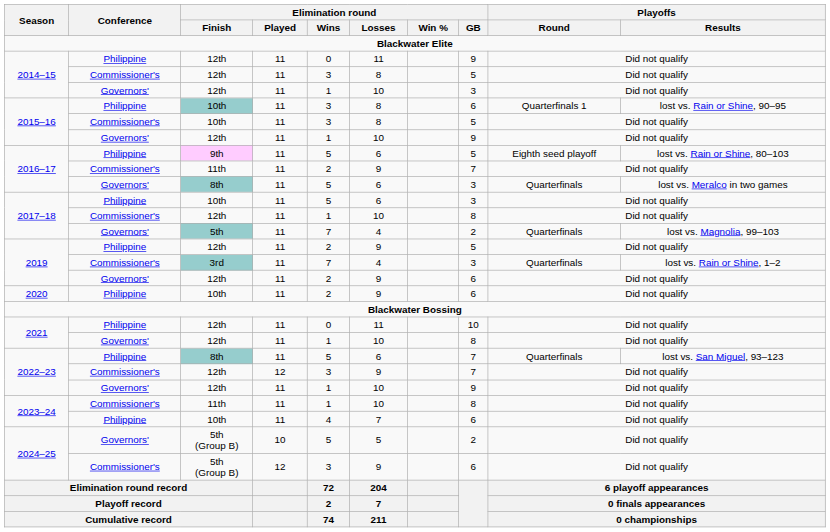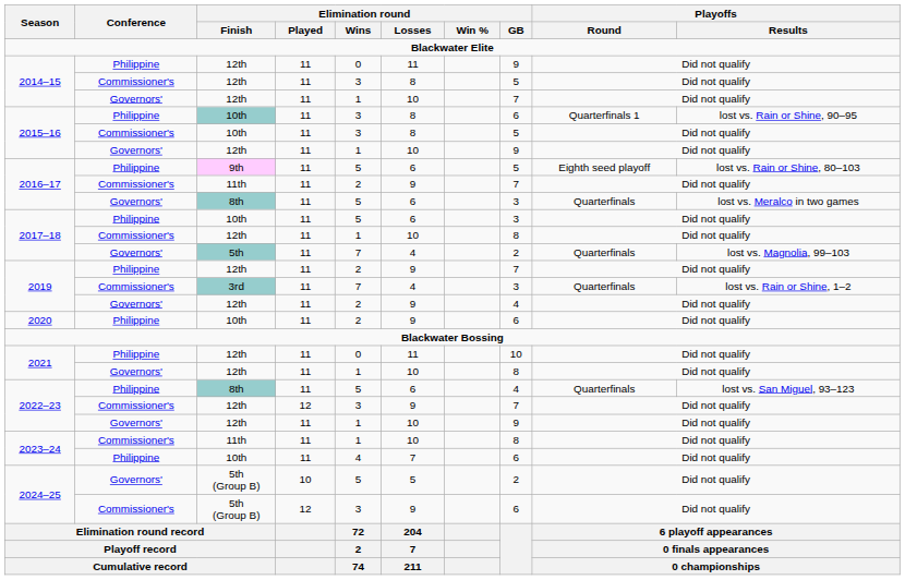 <table class="wikitable" style="width:100%; text-align:center; font-size:95%">
 <tr>
 <th rowspan=2>Season</th>
 <th rowspan=2>Conference</th>
 <th colspan=6>Elimination round</th>
 <th colspan=2>Playoffs</th>
 </tr>
 <tr>
 <th>Finish</th>
 <th>Played</th>
 <th>Wins</th>
 <th>Losses</th>
 <th>Win %</th>
 <th>GB</th>
 <th>Round</th>
 <th>Results</th>
 </tr>
 <tr>
 <td align="center" colspan="10"><strong>Blackwater Elite</strong></td>
 </tr>
 <tr>
 <td rowspan=3><a href='#'>2014–15</a> <br> </td>
 <td><a href='#'>Philippine</a></td>
 <td>12th</td>
 <td>11</td>
 <td>0</td>
 <td>11</td>
 <td></td>
 <td>9</td>
 <td colspan=2>Did not qualify</td>
 </tr>
 <tr>
 <td><a href='#'>Commissioner's</a></td>
 <td>12th</td>
 <td>11</td>
 <td>3</td>
 <td>8</td>
 <td></td>
 <td>5</td>
 <td colspan=2>Did not qualify</td>
 </tr>
 <tr>
 <td><a href='#'>Governors'</a></td>
 <td>12th</td>
 <td>11</td>
 <td>1</td>
 <td>10</td>
 <td></td>
-<td>3</td>
+<td>7</td>
 <td colspan=2>Did not qualify</td>
 </tr>
 <tr>
 <td rowspan=3><a href='#'>2015–16</a> <br> </td>
 <td><a href='#'>Philippine</a></td>
 <td bgcolor="#96CDCD">10th</td>
 <td>11</td>
 <td>3</td>
 <td>8</td>
 <td></td>
 <td>6</td>
 <td>Quarterfinals 1</td>
 <td>lost vs. <a href='#'>Rain or Shine</a>, 90–95</td>
 </tr>
 <tr>
 <td><a href='#'>Commissioner's</a></td>
 <td>10th</td>
 <td>11</td>
 <td>3</td>
 <td>8</td>
 <td></td>
 <td>5</td>
 <td colspan=2>Did not qualify</td>
 </tr>
 <tr>
 <td><a href='#'>Governors'</a></td>
 <td>12th</td>
 <td>11</td>
 <td>1</td>
 <td>10</td>
 <td></td>
 <td>9</td>
 <td colspan=2>Did not qualify</td>
 </tr>
 <tr>
 <td rowspan=3><a href='#'>2016–17</a> <br> </td>
 <td><a href='#'>Philippine</a></td>
 <td bgcolor="#FFCCFF">9th</td>
 <td>11</td>
 <td>5</td>
 <td>6</td>
 <td></td>
 <td>5</td>
 <td>Eighth seed playoff</td>
 <td>lost vs. <a href='#'>Rain or Shine</a>, 80–103</td>
 </tr>
 <tr>
 <td><a href='#'>Commissioner's</a></td>
 <td>11th</td>
 <td>11</td>
 <td>2</td>
 <td>9</td>
 <td></td>
 <td>7</td>
 <td colspan=2>Did not qualify</td>
 </tr>
 <tr>
 <td><a href='#'>Governors'</a></td>
 <td bgcolor="#96CDCD">8th</td>
 <td>11</td>
 <td>5</td>
 <td>6</td>
 <td></td>
 <td>3</td>
 <td>Quarterfinals</td>
 <td>lost vs. <a href='#'>Meralco</a> in two games</td>
 </tr>
 <tr>
 <td rowspan=3><a href='#'>2017–18</a> <br> </td>
 <td><a href='#'>Philippine</a></td>
 <td>10th</td>
 <td>11</td>
 <td>5</td>
 <td>6</td>
 <td></td>
 <td>3</td>
 <td colspan=2>Did not qualify</td>
 </tr>
 <tr>
 <td><a href='#'>Commissioner's</a></td>
 <td>12th</td>
 <td>11</td>
 <td>1</td>
 <td>10</td>
 <td></td>
 <td>8</td>
 <td colspan=2>Did not qualify</td>
 </tr>
 <tr>
 <td><a href='#'>Governors'</a></td>
 <td bgcolor="#96CDCD">5th</td>
 <td>11</td>
 <td>7</td>
 <td>4</td>
 <td></td>
 <td>2</td>
 <td>Quarterfinals</td>
 <td>lost vs. <a href='#'>Magnolia</a>, 99–103</td>
 </tr>
 <tr>
 <td rowspan=3><a href='#'>2019</a> <br> </td>
 <td><a href='#'>Philippine</a></td>
 <td>12th</td>
 <td>11</td>
 <td>2</td>
 <td>9</td>
 <td></td>
-<td>5</td>
+<td>7</td>
 <td colspan=2>Did not qualify</td>
 </tr>
 <tr>
 <td><a href='#'>Commissioner's</a></td>
 <td bgcolor="#96CDCD">3rd</td>
 <td>11</td>
 <td>7</td>
 <td>4</td>
 <td></td>
 <td>3</td>
 <td>Quarterfinals</td>
 <td>lost vs. <a href='#'>Rain or Shine</a>, 1–2</td>
 </tr>
 <tr>
 <td><a href='#'>Governors'</a></td>
 <td>12th</td>
 <td>11</td>
 <td>2</td>
 <td>9</td>
 <td></td>
-<td>6</td>
+<td>4</td>
 <td colspan=2>Did not qualify</td>
 </tr>
 <tr>
 <td><a href='#'>2020</a> <br> </td>
 <td><a href='#'>Philippine</a></td>
 <td>10th</td>
 <td>11</td>
 <td>2</td>
 <td>9</td>
 <td></td>
 <td>6</td>
 <td colspan=2>Did not qualify</td>
 </tr>
 <tr>
 <td align="center" colspan="10"><strong>Blackwater Bossing</strong></td>
 </tr>
 <tr>
 <td rowspan=2><a href='#'>2021</a> <br> </td>
 <td><a href='#'>Philippine</a></td>
 <td>12th</td>
 <td>11</td>
 <td>0</td>
 <td>11</td>
 <td></td>
 <td>10</td>
 <td colspan=2>Did not qualify</td>
 </tr>
 <tr>
 <td><a href='#'>Governors'</a></td>
 <td>12th</td>
 <td>11</td>
 <td>1</td>
 <td>10</td>
 <td></td>
 <td>8</td>
 <td colspan=2>Did not qualify</td>
 </tr>
 <tr>
 <td rowspan=3><a href='#'>2022–23</a> <br> </td>
 <td><a href='#'>Philippine</a></td>
 <td bgcolor="#96CDCD">8th</td>
 <td>11</td>
 <td>5</td>
 <td>6</td>
 <td></td>
-<td>7</td>
+<td>4</td>
 <td>Quarterfinals</td>
 <td>lost vs. <a href='#'>San Miguel</a>, 93–123</td>
 </tr>
 <tr>
 <td><a href='#'>Commissioner's</a></td>
 <td>12th</td>
 <td>12</td>
 <td>3</td>
 <td>9</td>
 <td></td>
 <td>7</td>
 <td colspan=2>Did not qualify</td>
 </tr>
 <tr>
 <td><a href='#'>Governors'</a></td>
 <td>12th</td>
 <td>11</td>
 <td>1</td>
 <td>10</td>
 <td></td>
 <td>9</td>
 <td colspan=2>Did not qualify</td>
 </tr>
 <tr>
 <td rowspan=2><a href='#'>2023–24</a> <br> </td>
 <td><a href='#'>Commissioner's</a></td>
 <td>11th</td>
 <td>11</td>
 <td>1</td>
 <td>10</td>
 <td></td>
 <td>8</td>
 <td colspan=2>Did not qualify</td>
 </tr>
 <tr>
 <td><a href='#'>Philippine</a></td>
 <td>10th</td>
 <td>11</td>
 <td>4</td>
 <td>7</td>
 <td></td>
 <td>6</td>
 <td colspan=2>Did not qualify</td>
 </tr>
 <tr>
 <td rowspan=2><a href='#'>2024–25</a> <br> </td>
 <td><a href='#'>Governors'</a></td>
 <td>5th <br> (Group B)</td>
 <td>10</td>
 <td>5</td>
 <td>5</td>
 <td></td>
 <td>2</td>
 <td colspan=2>Did not qualify</td>
 </tr>
 <tr>
 <td><a href='#'>Commissioner's</a></td>
 <td>5th <br> (Group B)</td>
 <td>12</td>
 <td>3</td>
 <td>9</td>
 <td></td>
 <td>6</td>
 <td colspan=2>Did not qualify</td>
 </tr>
 <tr>
 <th colspan=3>Elimination round record</th>
 <th></th>
 <th>72</th>
 <th>204</th>
 <th></th>
 <th rowspan=3></th>
 <th colspan=2>6 playoff appearances</th>
 </tr>
 <tr>
 <th colspan=3>Playoff record</th>
 <th></th>
 <th>2</th>
 <th>7</th>
 <th></th>
 <th colspan=2>0 finals appearances</th>
 </tr>
 <tr>
 <th colspan=3>Cumulative record</th>
 <th></th>
 <th>74</th>
 <th>211</th>
 <th></th>
 <th colspan=2>0 championships</th>
 </tr>
 </table>
